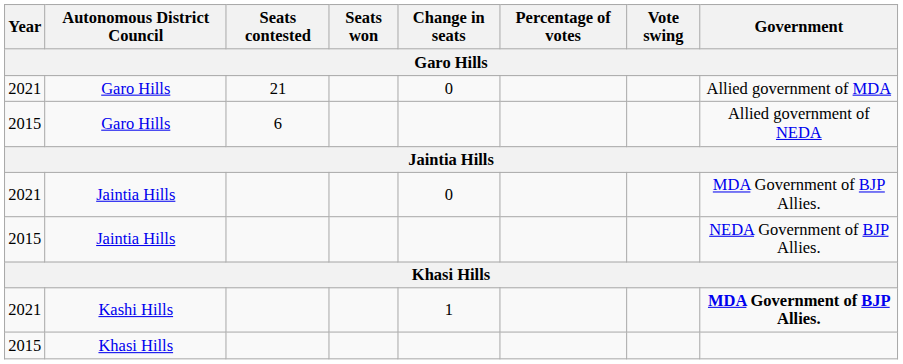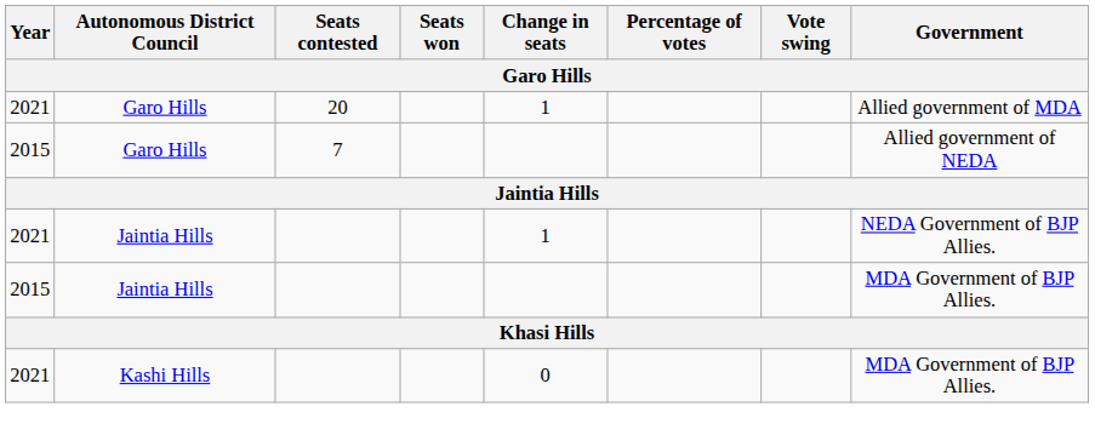 <table class="wikitable" style="text-align:center">
 <tr>
 <th Style="background-color:">Year</th>
 <th Style="background-color:">Autonomous District Council</th>
 <th Style="background-color:">Seats contested</th>
 <th Style="background-color:">Seats won</th>
 <th Style="background-color:">Change in seats</th>
 <th Style="background-color:">Percentage of votes</th>
 <th Style="background-color:">Vote swing</th>
 <th Style="background-color:">Government</th>
 </tr>
 <tr>
 <th colspan=8>Garo Hills</th>
 </tr>
 <tr>
 <td>2021</td>
 <td><a href='#'>Garo Hills</a></td>
-<td>21</td>
+<td>20</td>
 <td></td>
-<td> 0</td>
+<td> 1</td>
 <td></td>
 <td></td>
 <td>Allied government of <a href='#'>MDA</a></td>
 </tr>
 <tr>
 <td>2015</td>
 <td><a href='#'>Garo Hills</a></td>
-<td>6</td>
+<td>7</td>
 <td></td>
 <td></td>
 <td></td>
 <td></td>
 <td>Allied government of <a href='#'>NEDA</a></td>
 </tr>
 <tr>
 <th colspan=8>Jaintia Hills</th>
 </tr>
 <tr>
 <td>2021</td>
 <td><a href='#'>Jaintia Hills</a></td>
 <td></td>
 <td></td>
-<td> 0</td>
+<td> 1</td>
 <td></td>
 <td></td>
-<td><a href='#'>MDA</a> Government of <a href='#'>BJP</a> Allies.</td>
+<td><a href='#'>NEDA</a> Government of <a href='#'>BJP</a> Allies.</td>
 </tr>
 <tr>
 <td>2015</td>
 <td><a href='#'>Jaintia Hills</a></td>
 <td></td>
 <td></td>
 <td></td>
 <td></td>
 <td></td>
-<td><a href='#'>NEDA</a> Government of <a href='#'>BJP</a> Allies.</td>
+<td><a href='#'>MDA</a> Government of <a href='#'>BJP</a> Allies.</td>
 </tr>
 <tr>
 <th colspan=8>Khasi Hills</th>
 </tr>
 <tr>
 <td>2021</td>
 <td><a href='#'>Kashi Hills</a></td>
 <td></td>
 <td></td>
-<td> 1</td>
+<td> 0</td>
 <td></td>
 <td></td>
-<td><strong><a href='#'>MDA</a> Government of <a href='#'>BJP</a> Allies.</strong></td>
-</tr>
-<tr>
-<td>2015</td>
-<td><a href='#'>Khasi Hills</a></td>
-<td></td>
-<td></td>
-<td></td>
-<td></td>
-<td></td>
-<td></td>
+<td><a href='#'>MDA</a> Government of <a href='#'>BJP</a> Allies.</td>
 </tr>
 </table>
